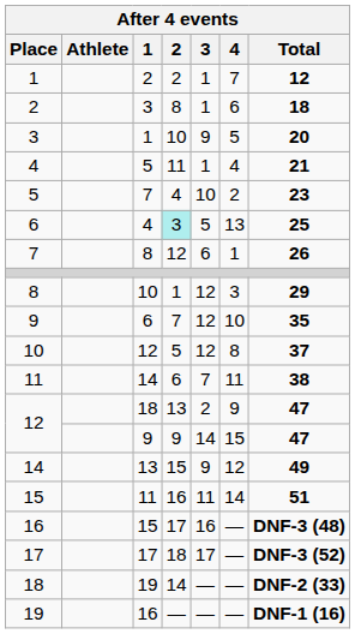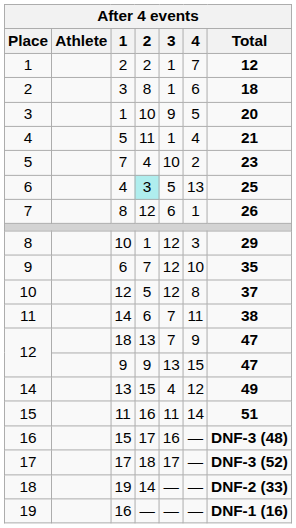 <table class=wikitable style="text-align:center">
 <tr>
 <th colspan=7><strong>After 4 events</strong></th>
 </tr>
 <tr>
 <th>Place</th>
 <th>Athlete</th>
 <th>1</th>
 <th>2</th>
 <th>3</th>
 <th>4</th>
 <th>Total</th>
 </tr>
 <tr>
 <td>1</td>
 <td align=left></td>
 <td>2</td>
 <td>2</td>
 <td>1</td>
 <td>7</td>
 <td><strong>12</strong></td>
 </tr>
 <tr>
 <td>2</td>
 <td align=left></td>
 <td>3</td>
 <td>8</td>
 <td>1</td>
 <td>6</td>
 <td><strong>18</strong></td>
 </tr>
 <tr>
 <td>3</td>
 <td align=left></td>
 <td>1</td>
 <td>10</td>
 <td>9</td>
 <td>5</td>
 <td><strong>20</strong></td>
 </tr>
 <tr>
 <td>4</td>
 <td align=left></td>
 <td>5</td>
 <td>11</td>
 <td>1</td>
 <td>4</td>
 <td><strong>21</strong></td>
 </tr>
 <tr>
 <td>5</td>
 <td align=left></td>
 <td>7</td>
 <td>4</td>
 <td>10</td>
 <td>2</td>
 <td><strong>23</strong></td>
 </tr>
 <tr>
 <td>6</td>
 <td align=left></td>
 <td>4</td>
 <td style="background: paleturquoise;">3</td>
 <td>5</td>
 <td>13</td>
 <td><strong>25</strong></td>
 </tr>
 <tr>
 <td>7</td>
 <td align=left></td>
 <td>8</td>
 <td>12</td>
 <td>6</td>
 <td>1</td>
 <td><strong>26</strong></td>
 </tr>
 <tr>
 <td colspan=7 bgcolor=lightgray></td>
 </tr>
 <tr>
 <td>8</td>
 <td align=left></td>
 <td>10</td>
 <td>1</td>
 <td>12</td>
 <td>3</td>
 <td><strong>29</strong></td>
 </tr>
 <tr>
 <td>9</td>
 <td align=left></td>
 <td>6</td>
 <td>7</td>
 <td>12</td>
 <td>10</td>
 <td><strong>35</strong></td>
 </tr>
 <tr>
 <td>10</td>
 <td align=left></td>
 <td>12</td>
 <td>5</td>
 <td>12</td>
 <td>8</td>
 <td><strong>37</strong></td>
 </tr>
 <tr>
 <td>11</td>
 <td align=left></td>
 <td>14</td>
 <td>6</td>
 <td>7</td>
 <td>11</td>
 <td><strong>38</strong></td>
 </tr>
 <tr>
 <td rowspan=2>12</td>
 <td align=left></td>
 <td>18</td>
 <td>13</td>
-<td>2</td>
+<td>7</td>
 <td>9</td>
 <td><strong>47</strong></td>
 </tr>
 <tr>
 <td align=left></td>
 <td>9</td>
 <td>9</td>
-<td>14</td>
+<td>13</td>
 <td>15</td>
 <td><strong>47</strong></td>
 </tr>
 <tr>
 <td>14</td>
 <td align=left></td>
 <td>13</td>
 <td>15</td>
-<td>9</td>
+<td>4</td>
 <td>12</td>
 <td><strong>49</strong></td>
 </tr>
 <tr>
 <td>15</td>
 <td align=left></td>
 <td>11</td>
 <td>16</td>
 <td>11</td>
 <td>14</td>
 <td><strong>51</strong></td>
 </tr>
 <tr>
 <td>16</td>
 <td align=left></td>
 <td>15</td>
 <td>17</td>
 <td>16</td>
 <td>—</td>
 <td><strong>DNF-3 (48)</strong></td>
 </tr>
 <tr>
 <td>17</td>
 <td align=left></td>
 <td>17</td>
 <td>18</td>
 <td>17</td>
 <td>—</td>
 <td><strong>DNF-3 (52)</strong></td>
 </tr>
 <tr>
 <td>18</td>
 <td align=left></td>
 <td>19</td>
 <td>14</td>
 <td>—</td>
 <td>—</td>
 <td><strong>DNF-2 (33)</strong></td>
 </tr>
 <tr>
 <td>19</td>
 <td align=left></td>
 <td>16</td>
 <td>—</td>
 <td>—</td>
 <td>—</td>
 <td><strong>DNF-1 (16)</strong></td>
 </tr>
 </table>
